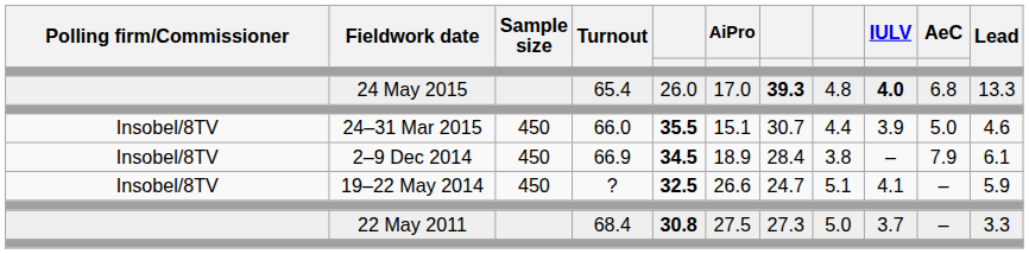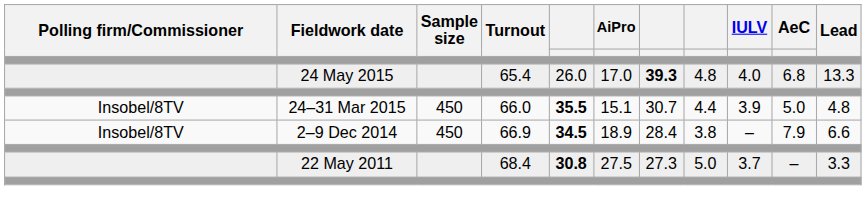 <table class="wikitable collapsible collapsed" style="text-align:center; font-size:95%; line-height:16px;">
 <tr style="height:42px;">
 <th style="width:250px;" rowspan="2">Polling firm/Commissioner</th>
 <th style="width:125px;" rowspan="2">Fieldwork date</th>
 <th style="width:50px;" rowspan="2">Sample size</th>
 <th style="width:45px;" rowspan="2">Turnout</th>
 <th style="width:35px;"></th>
 <th style="width:35px; font-size:90%;">AiPro</th>
 <th style="width:35px;"></th>
 <th style="width:35px; font-size:85%;"></th>
 <th style="width:35px;"><a href='#'>IULV</a></th>
 <th style="width:35px;">AeC</th>
 <th style="width:30px;" rowspan="2">Lead</th>
 </tr>
 <tr>
 <th style="color:inherit;background:"></th>
 <th style="color:inherit;background:"></th>
 <th style="color:inherit;background:"></th>
 <th style="color:inherit;background:"></th>
 <th style="color:inherit;background:"></th>
 <th style="color:inherit;background:"></th>
 </tr>
 <tr>
 <td colspan="11" style="background:#A0A0A0"></td>
 </tr>
 <tr style="background:#EFEFEF;">
 <td><strong></strong></td>
 <td>24 May 2015</td>
 <td></td>
 <td>65.4</td>
 <td>26.0<br></td>
 <td>17.0<br></td>
 <td><strong>39.3</strong><br></td>
 <td>4.8<br></td>
-<td><strong>4.0<br></strong></td>
+<td>4.0<br></td>
 <td>6.8<br></td>
 <td style="background:">13.3</td>
 </tr>
 <tr>
 <td colspan="11" style="background:#A0A0A0"></td>
 </tr>
 <tr>
 <td>Insobel/8TV</td>
 <td>24–31 Mar 2015</td>
 <td>450</td>
 <td>66.0</td>
 <td><strong>35.5</strong><br></td>
 <td>15.1<br></td>
 <td>30.7<br></td>
 <td>4.4<br></td>
 <td>3.9<br></td>
 <td>5.0<br></td>
-<td style="background:">4.6</td>
+<td style="background:">4.8</td>
 </tr>
 <tr>
 <td>Insobel/8TV</td>
 <td>2–9 Dec 2014</td>
 <td>450</td>
 <td>66.9</td>
 <td><strong>34.5</strong><br></td>
 <td>18.9<br></td>
 <td>28.4<br></td>
 <td>3.8<br></td>
 <td>–</td>
 <td>7.9<br></td>
-<td style="background:">6.1</td>
-</tr>
-<tr>
-<td>Insobel/8TV</td>
-<td>19–22 May 2014</td>
-<td>450</td>
-<td>?</td>
-<td><strong>32.5</strong><br></td>
-<td>26.6<br></td>
-<td>24.7<br></td>
-<td>5.1<br></td>
-<td>4.1<br></td>
-<td>–</td>
-<td style="background:">5.9</td>
+<td style="background:">6.6</td>
 </tr>
 <tr>
 <td colspan="11" style="background:#A0A0A0"></td>
 </tr>
 <tr style="background:#EFEFEF;">
 <td><strong></strong></td>
 <td>22 May 2011</td>
 <td></td>
 <td>68.4</td>
 <td><strong>30.8</strong><br></td>
 <td>27.5<br></td>
 <td>27.3<br></td>
 <td>5.0<br></td>
 <td>3.7<br></td>
 <td>–</td>
 <td style="background:">3.3</td>
 </tr>
 <tr>
 <td colspan="11" style="background:#A0A0A0"></td>
 </tr>
 </table>
